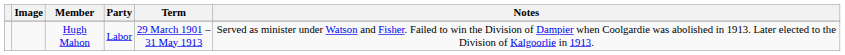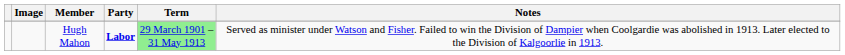 <table class=wikitable style="text-align:center">
 <tr>
 <th></th>
 <th>Image</th>
 <th>Member</th>
 <th>Party</th>
 <th>Term</th>
 <th>Notes</th>
 </tr>
 <tr>
 </tr>
 <tr>
 <td> </td>
 <td></td>
 <td><a href='#'>Hugh Mahon</a><br></td>
-<td><a href='#'>Labor</a></td>
-<td nowrap><a href='#'>29 March 1901</a> –<br><a href='#'>31 May 1913</a></td>
+<td><strong><a href='#'>Labor</a></strong></td>
+<td nowrap style="background: lightgreen;"><a href='#'>29 March 1901</a> –<br><a href='#'>31 May 1913</a></td>
 <td>Served as minister under <a href='#'>Watson</a> and <a href='#'>Fisher</a>. Failed to win the Division of <a href='#'>Dampier</a> when Coolgardie was abolished in 1913. Later elected to the Division of <a href='#'>Kalgoorlie</a> in <a href='#'>1913</a>.</td>
 </tr>
 </table>
